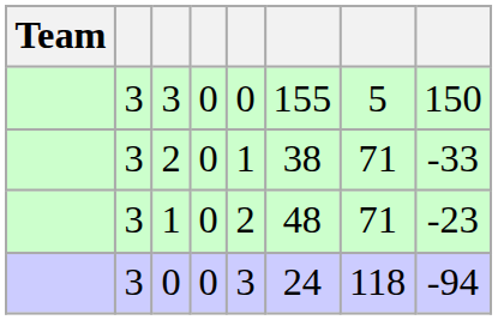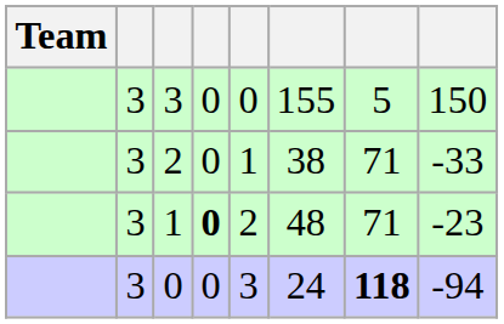 <table class="wikitable" style="text-align: center;">
 <tr>
 <th>Team</th>
 <th></th>
 <th></th>
 <th></th>
 <th></th>
 <th></th>
 <th></th>
 <th></th>
 </tr>
 <tr bgcolor="ccffcc">
 <td align="left"></td>
 <td>3</td>
 <td>3</td>
 <td>0</td>
 <td>0</td>
 <td>155</td>
 <td>5</td>
 <td>150</td>
 </tr>
 <tr bgcolor="ccffcc">
 <td align="left"></td>
 <td>3</td>
 <td>2</td>
 <td>0</td>
 <td>1</td>
 <td>38</td>
 <td>71</td>
 <td>-33</td>
 </tr>
 <tr bgcolor="ccffcc">
 <td align="left"></td>
 <td>3</td>
 <td>1</td>
-<td>0</td>
+<td><strong>0</strong></td>
 <td>2</td>
 <td>48</td>
 <td>71</td>
 <td>-23</td>
 </tr>
 <tr bgcolor="ccccff">
 <td align="left"></td>
 <td>3</td>
 <td>0</td>
 <td>0</td>
 <td>3</td>
 <td>24</td>
-<td>118</td>
+<td><strong>118</strong></td>
 <td>-94</td>
 </tr>
 </table>
